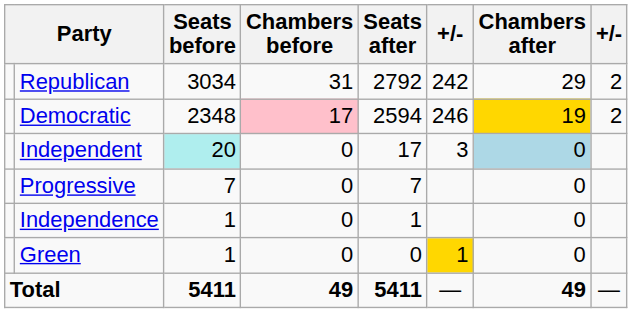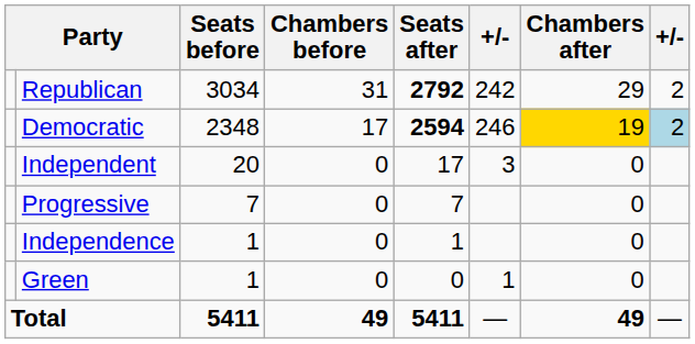 <table class="wikitable">
 <tr>
 <th colspan="2">Party</th>
 <th>Seats<br>before</th>
 <th>Chambers<br>before</th>
 <th>Seats<br>after</th>
 <th>+/-</th>
 <th>Chambers<br>after</th>
 <th>+/-</th>
 </tr>
 <tr>
 <td style="background:"></td>
 <td><a href='#'>Republican</a></td>
 <td align="right">3034</td>
 <td align="right">31</td>
-<td align="right">2792</td>
+<td align="right"><strong>2792</strong></td>
 <td align="right"> 242</td>
 <td align="right">29</td>
 <td align="right"> 2</td>
 </tr>
 <tr>
 <td style="background:"></td>
 <td><a href='#'>Democratic</a></td>
 <td align="right">2348</td>
-<td align="right" style="background: pink;">17</td>
-<td align="right">2594</td>
+<td align="right">17</td>
+<td align="right"><strong>2594</strong></td>
 <td align="right"> 246</td>
 <td align="right" style="background: gold;">19</td>
-<td align="right"> 2</td>
+<td align="right" style="background: lightblue;"> 2</td>
 </tr>
 <tr>
 <td style="background:"></td>
 <td><a href='#'>Independent</a></td>
-<td align="right" style="background: paleturquoise;">20</td>
+<td align="right">20</td>
 <td align="right">0</td>
 <td align="right">17</td>
 <td align="right"> 3</td>
-<td align="right" style="background: lightblue;">0</td>
+<td align="right">0</td>
 <td align="center"></td>
 </tr>
 <tr>
 <td style="background:"></td>
 <td><a href='#'>Progressive</a></td>
 <td align="right">7</td>
 <td align="right">0</td>
 <td align="right">7</td>
 <td align="center"></td>
 <td align="right">0</td>
 <td align="center"></td>
 </tr>
 <tr>
 <td style="background:"></td>
 <td><a href='#'>Independence</a></td>
 <td align="right">1</td>
 <td align="right">0</td>
 <td align="right">1</td>
 <td align="center"></td>
 <td align="right">0</td>
 <td align="center"></td>
 </tr>
 <tr>
 <td style="background:"></td>
 <td><a href='#'>Green</a></td>
 <td align="right">1</td>
 <td align="right">0</td>
 <td align="right">0</td>
-<td align="right" style="background: gold;"> 1</td>
+<td align="right"> 1</td>
 <td align="right">0</td>
 <td align="center"></td>
 </tr>
 <tr>
 <td colspan="2"><strong>Total</strong></td>
 <td align="right"><strong>5411</strong></td>
 <td align="right"><strong>49</strong></td>
 <td align="right"><strong>5411</strong></td>
 <td align="center">—</td>
 <td align="right"><strong>49</strong></td>
 <td align="center">—</td>
 </tr>
 </table>
